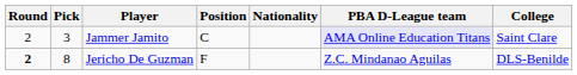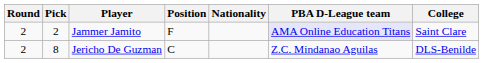 <table class="wikitable sortable sortable">
 <tr>
 <th>Round</th>
 <th>Pick</th>
 <th>Player</th>
 <th>Position</th>
 <th>Nationality</th>
 <th>PBA D-League team</th>
 <th>College</th>
 </tr>
 <tr>
 <td align=center>2</td>
-<td align=center>3</td>
+<td align=center>2</td>
 <td><a href='#'>Jammer Jamito</a></td>
-<td>C</td>
+<td>F</td>
 <td></td>
 <td style="background: lavender;"><a href='#'>AMA Online Education Titans</a></td>
 <td><a href='#'>Saint Clare</a></td>
 </tr>
 <tr>
-<td align=center><strong>2</strong></td>
+<td align=center>2</td>
 <td align=center>8</td>
 <td><a href='#'>Jericho De Guzman</a></td>
-<td>F</td>
+<td>C</td>
 <td></td>
 <td><a href='#'>Z.C. Mindanao Aguilas</a></td>
 <td><a href='#'>DLS-Benilde</a></td>
 </tr>
 </table>
